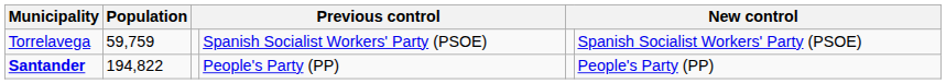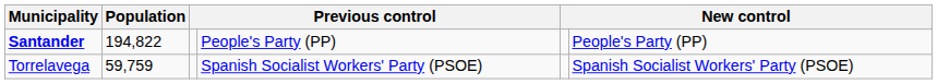 <table class="wikitable sortable">
 <tr>
 <th>Municipality</th>
 <th>Population</th>
 <th colspan="2" style="width:375px;">Previous control</th>
 <th colspan="2" style="width:375px;">New control</th>
+</tr>
+<tr>
+<td><strong><a href='#'>Santander</a></strong></td>
+<td>194,822</td>
+<td width="1" style="color:inherit;background:"></td>
+<td><a href='#'>People's Party</a> (PP)</td>
+<td width="1" style="color:inherit;background:"></td>
+<td><a href='#'>People's Party</a> (PP)</td>
 </tr>
 <tr>
 <td><a href='#'>Torrelavega</a></td>
 <td>59,759</td>
 <td style="color:inherit;background:"></td>
 <td><a href='#'>Spanish Socialist Workers' Party</a> (PSOE)</td>
 <td style="color:inherit;background:"></td>
 <td><a href='#'>Spanish Socialist Workers' Party</a> (PSOE)</td>
 </tr>
-<tr>
-<td><strong><a href='#'>Santander</a></strong></td>
-<td>194,822</td>
-<td width="1" style="color:inherit;background:"></td>
-<td><a href='#'>People's Party</a> (PP)</td>
-<td width="1" style="color:inherit;background:"></td>
-<td><a href='#'>People's Party</a> (PP)</td>
-</tr>
 </table>
